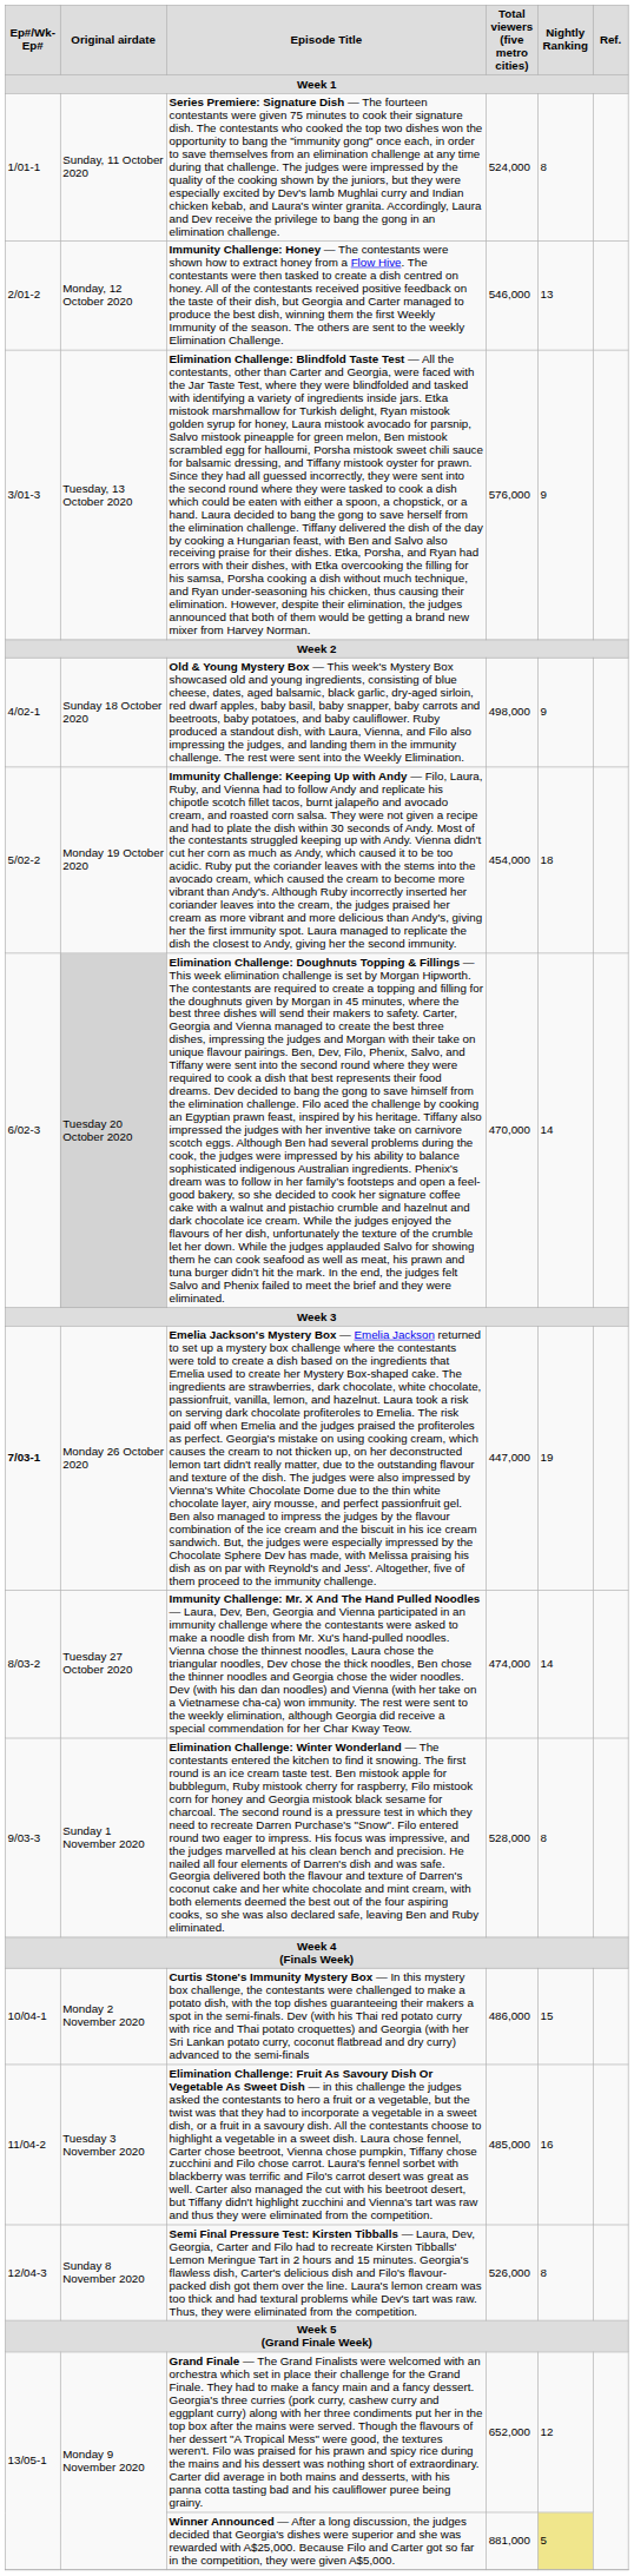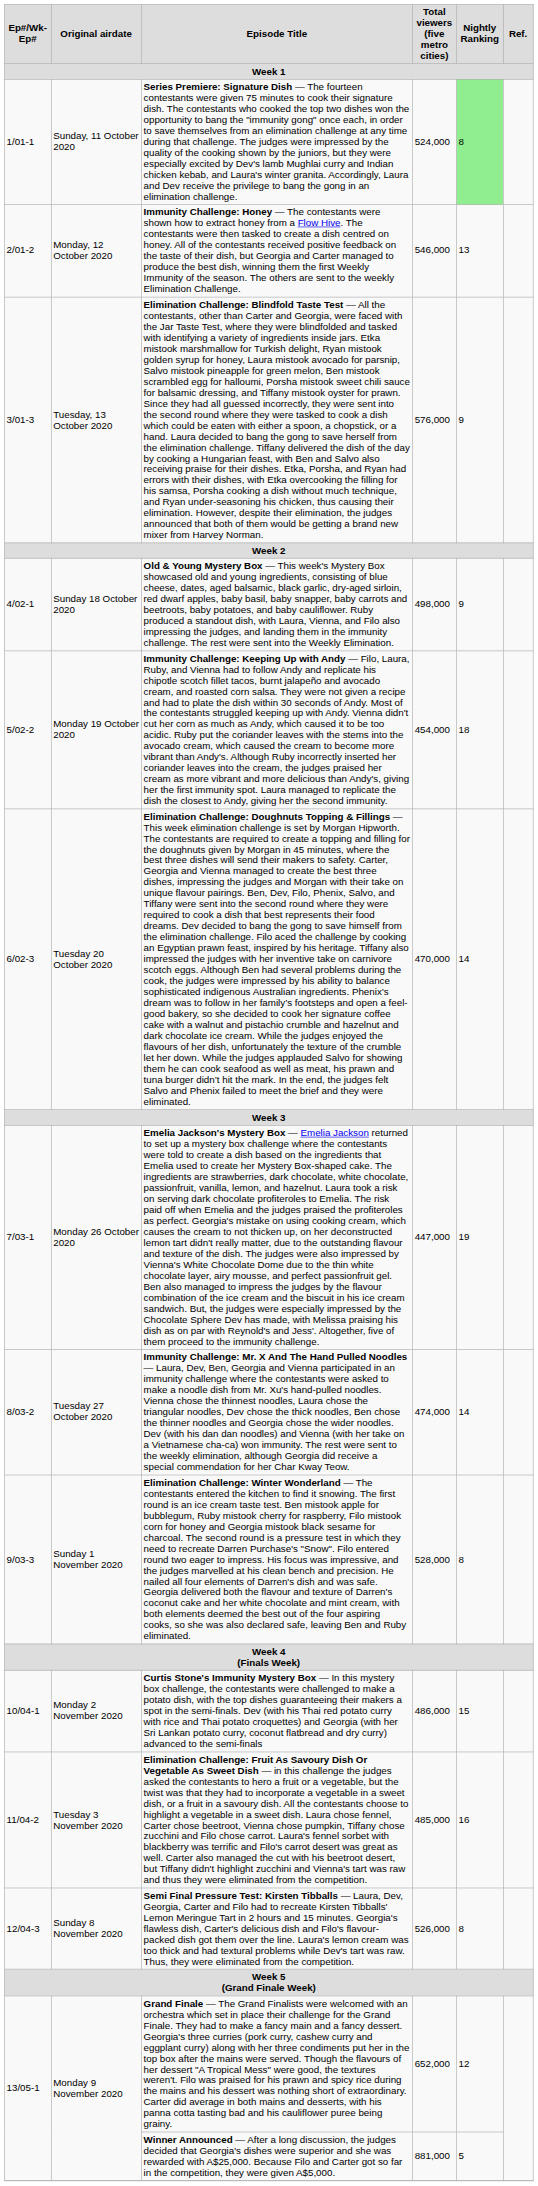 <table class="wikitable">
 <tr>
 <th style="background:#ddd; width:5%;">Ep#/Wk-Ep#</th>
 <th style="background:#ddd; width:15%;">Original airdate</th>
 <th style="background:#ddd; width:45%;">Episode Title</th>
 <th style="background:#ddd; width:5%;">Total viewers (five metro cities)</th>
 <th style="background:#ddd; width:5%;">Nightly Ranking</th>
 <th style="background:#ddd; width:5%;">Ref.</th>
 </tr>
 <tr>
 <th colspan="6" style="background:#ddd;">Week 1</th>
 </tr>
 <tr>
 <td style="width:05%;">1/01-1</td>
 <td>Sunday, 11 October 2020</td>
 <td><strong>Series Premiere: Signature Dish</strong> — The fourteen contestants were given 75 minutes to cook their signature dish. The contestants who cooked the top two dishes won the opportunity to bang the "immunity gong" once each, in order to save themselves from an elimination challenge at any time during that challenge. The judges were impressed by the quality of the cooking shown by the juniors, but they were especially excited by Dev's lamb Mughlai curry and Indian chicken kebab, and Laura's winter granita. Accordingly, Laura and Dev receive the privilege to bang the gong in an elimination challenge.</td>
 <td>524,000</td>
-<td>8</td>
+<td style="background: lightgreen;">8</td>
 <td></td>
 </tr>
 <tr>
 <td style="width:05%;">2/01-2</td>
 <td>Monday, 12 October 2020</td>
 <td><strong>Immunity Challenge: Honey</strong> — The contestants were shown how to extract honey from a <a href='#'>Flow Hive</a>. The contestants were then tasked to create a dish centred on honey. All of the contestants received positive feedback on the taste of their dish, but Georgia and Carter managed to produce the best dish, winning them the first Weekly Immunity of the season. The others are sent to the weekly Elimination Challenge.</td>
 <td>546,000</td>
 <td>13</td>
 <td></td>
 </tr>
 <tr>
 <td style="width:05%;">3/01-3</td>
 <td>Tuesday, 13 October 2020</td>
 <td><strong>Elimination Challenge: Blindfold Taste Test</strong> — All the contestants, other than Carter and Georgia, were faced with the Jar Taste Test, where they were blindfolded and tasked with identifying a variety of ingredients inside jars. Etka mistook marshmallow for Turkish delight, Ryan mistook golden syrup for honey, Laura mistook avocado for parsnip, Salvo mistook pineapple for green melon, Ben mistook scrambled egg for halloumi, Porsha mistook sweet chili sauce for balsamic dressing, and Tiffany mistook oyster for prawn. Since they had all guessed incorrectly, they were sent into the second round where they were tasked to cook a dish which could be eaten with either a spoon, a chopstick, or a hand. Laura decided to bang the gong to save herself from the elimination challenge. Tiffany delivered the dish of the day by cooking a Hungarian feast, with Ben and Salvo also receiving praise for their dishes. Etka, Porsha, and Ryan had errors with their dishes, with Etka overcooking the filling for his samsa, Porsha cooking a dish without much technique, and Ryan under-seasoning his chicken, thus causing their elimination. However, despite their elimination, the judges announced that both of them would be getting a brand new mixer from Harvey Norman.</td>
 <td>576,000</td>
 <td>9</td>
 <td></td>
 </tr>
 <tr>
 <th colspan="6" style="background:#ddd;">Week 2</th>
 </tr>
 <tr>
 <td style="width:05%;">4/02-1</td>
 <td>Sunday 18 October 2020</td>
 <td><strong>Old & Young Mystery Box</strong> — This week's Mystery Box showcased old and young ingredients, consisting of blue cheese, dates, aged balsamic, black garlic, dry-aged sirloin, red dwarf apples, baby basil, baby snapper, baby carrots and beetroots, baby potatoes, and baby cauliflower. Ruby produced a standout dish, with Laura, Vienna, and Filo also impressing the judges, and landing them in the immunity challenge. The rest were sent into the Weekly Elimination.</td>
 <td>498,000</td>
 <td>9</td>
 <td></td>
 </tr>
 <tr>
 <td style="width:05%;">5/02-2</td>
 <td>Monday 19 October 2020</td>
 <td><strong>Immunity Challenge: Keeping Up with Andy</strong> — Filo, Laura, Ruby, and Vienna had to follow Andy and replicate his chipotle scotch fillet tacos, burnt jalapeño and avocado cream, and roasted corn salsa. They were not given a recipe and had to plate the dish within 30 seconds of Andy. Most of the contestants struggled keeping up with Andy. Vienna didn't cut her corn as much as Andy, which caused it to be too acidic. Ruby put the coriander leaves with the stems into the avocado cream, which caused the cream to become more vibrant than Andy's. Although Ruby incorrectly inserted her coriander leaves into the cream, the judges praised her cream as more vibrant and more delicious than Andy's, giving her the first immunity spot. Laura managed to replicate the dish the closest to Andy, giving her the second immunity.</td>
 <td>454,000</td>
 <td>18</td>
 <td></td>
 </tr>
 <tr>
 <td style="width:05%;">6/02-3</td>
-<td style="background: lightgrey;">Tuesday 20 October 2020</td>
+<td>Tuesday 20 October 2020</td>
 <td><strong>Elimination Challenge: Doughnuts Topping & Fillings</strong> — This week elimination challenge is set by Morgan Hipworth. The contestants are required to create a topping and filling for the doughnuts given by Morgan in 45 minutes, where the best three dishes will send their makers to safety. Carter, Georgia and Vienna managed to create the best three dishes, impressing the judges and Morgan with their take on unique flavour pairings. Ben, Dev, Filo, Phenix, Salvo, and Tiffany were sent into the second round where they were required to cook a dish that best represents their food dreams. Dev decided to bang the gong to save himself from the elimination challenge. Filo aced the challenge by cooking an Egyptian prawn feast, inspired by his heritage. Tiffany also impressed the judges with her inventive take on carnivore scotch eggs. Although Ben had several problems during the cook, the judges were impressed by his ability to balance sophisticated indigenous Australian ingredients. Phenix’s dream was to follow in her family’s footsteps and open a feel-good bakery, so she decided to cook her signature coffee cake with a walnut and pistachio crumble and hazelnut and dark chocolate ice cream. While the judges enjoyed the flavours of her dish, unfortunately the texture of the crumble let her down. While the judges applauded Salvo for showing them he can cook seafood as well as meat, his prawn and tuna burger didn’t hit the mark. In the end, the judges felt Salvo and Phenix failed to meet the brief and they were eliminated.</td>
 <td>470,000</td>
 <td>14</td>
 <td></td>
 </tr>
 <tr>
 <th colspan="6" style="background:#ddd;">Week 3</th>
 </tr>
 <tr>
-<td style="width:05%;"><strong>7/03-1</strong></td>
+<td style="width:05%;">7/03-1</td>
 <td>Monday 26 October 2020</td>
 <td><strong>Emelia Jackson's Mystery Box</strong> — <a href='#'>Emelia Jackson</a> returned to set up a mystery box challenge where the contestants were told to create a dish based on the ingredients that Emelia used to create her Mystery Box-shaped cake. The ingredients are strawberries, dark chocolate, white chocolate, passionfruit, vanilla, lemon, and hazelnut. Laura took a risk on serving dark chocolate profiteroles to Emelia. The risk paid off when Emelia and the judges praised the profiteroles as perfect. Georgia's mistake on using cooking cream, which causes the cream to not thicken up, on her deconstructed lemon tart didn't really matter, due to the outstanding flavour and texture of the dish. The judges were also impressed by Vienna's White Chocolate Dome due to the thin white chocolate layer, airy mousse, and perfect passionfruit gel. Ben also managed to impress the judges by the flavour combination of the ice cream and the biscuit in his ice cream sandwich. But, the judges were especially impressed by the Chocolate Sphere Dev has made, with Melissa praising his dish as on par with Reynold's and Jess'. Altogether, five of them proceed to the immunity challenge.</td>
 <td>447,000</td>
 <td>19</td>
 <td></td>
 </tr>
 <tr>
 <td style="width:05%;">8/03-2</td>
 <td>Tuesday 27 October 2020</td>
 <td><strong>Immunity Challenge: Mr. X And The Hand Pulled Noodles</strong> — Laura, Dev, Ben, Georgia and Vienna participated in an immunity challenge where the contestants were asked to make a noodle dish from Mr. Xu's hand-pulled noodles. Vienna chose the thinnest noodles, Laura chose the triangular noodles, Dev chose the thick noodles, Ben chose the thinner noodles and Georgia chose the wider noodles. Dev (with his dan dan noodles) and Vienna (with her take on a Vietnamese cha-ca) won immunity. The rest were sent to the weekly elimination, although Georgia did receive a special commendation for her Char Kway Teow.</td>
 <td>474,000</td>
 <td>14</td>
 <td></td>
 </tr>
 <tr>
 <td style="width:05%;">9/03-3</td>
 <td>Sunday 1 November 2020</td>
 <td><strong>Elimination Challenge: Winter Wonderland</strong> — The contestants entered the kitchen to find it snowing. The first round is an ice cream taste test. Ben mistook apple for bubblegum, Ruby mistook cherry for raspberry, Filo mistook corn for honey and Georgia mistook black sesame for charcoal. The second round is a pressure test in which they need to recreate Darren Purchase's "Snow". Filo entered round two eager to impress. His focus was impressive, and the judges marvelled at his clean bench and precision. He nailed all four elements of Darren's dish and was safe. Georgia delivered both the flavour and texture of Darren's coconut cake and her white chocolate and mint cream, with both elements deemed the best out of the four aspiring cooks, so she was also declared safe, leaving Ben and Ruby eliminated.</td>
 <td>528,000</td>
 <td>8</td>
 <td></td>
 </tr>
 <tr>
 <th colspan="6" style="background:#ddd;">Week 4 <br> (Finals Week)</th>
 </tr>
 <tr>
 <td style="width:05%;">10/04-1</td>
 <td>Monday 2 November 2020</td>
 <td><strong>Curtis Stone's Immunity Mystery Box</strong> — In this mystery box challenge, the contestants were challenged to make a potato dish, with the top dishes guaranteeing their makers a spot in the semi-finals. Dev (with his Thai red potato curry with rice and Thai potato croquettes) and Georgia (with her Sri Lankan potato curry, coconut flatbread and dry curry) advanced to the semi-finals</td>
 <td>486,000</td>
 <td>15</td>
 <td></td>
 </tr>
 <tr>
 <td style="width:05%;">11/04-2</td>
 <td>Tuesday 3 November 2020</td>
 <td><strong>Elimination Challenge: Fruit As Savoury Dish Or Vegetable As Sweet Dish</strong> — in this challenge the judges asked the contestants to hero a fruit or a vegetable, but the twist was that they had to incorporate a vegetable in a sweet dish, or a fruit in a savoury dish. All the contestants choose to highlight a vegetable in a sweet dish. Laura chose fennel, Carter chose beetroot, Vienna chose pumpkin, Tiffany chose zucchini  and Filo chose carrot. Laura's fennel sorbet with blackberry was terrific and Filo's carrot desert was great as well. Carter also managed the cut with his beetroot desert, but Tiffany didn't highlight zucchini and Vienna's tart was raw and thus they were eliminated from the competition.</td>
 <td>485,000</td>
 <td>16</td>
 <td></td>
 </tr>
 <tr>
 <td style="width:05%;">12/04-3</td>
 <td>Sunday 8 November 2020</td>
 <td><strong>Semi Final Pressure Test: Kirsten Tibballs</strong> — Laura, Dev, Georgia, Carter and Filo had to recreate Kirsten Tibballs' Lemon Meringue Tart in 2 hours and 15 minutes. Georgia's flawless dish, Carter's delicious dish and Filo's flavour-packed dish got them over the line. Laura's lemon cream was too thick and had textural problems while Dev's tart was raw. Thus, they were eliminated from the competition.</td>
 <td>526,000</td>
 <td>8</td>
 <td></td>
 </tr>
 <tr>
 <th colspan="6" style="background:#ddd;">Week 5 <br> (Grand Finale Week)</th>
 </tr>
 <tr>
 <td rowspan=2 style="width:05%;">13/05-1</td>
 <td rowspan=2>Monday 9 November 2020</td>
 <td><strong>Grand Finale</strong> — The Grand Finalists were welcomed with an orchestra which set in place their challenge for the Grand Finale. They had to make a fancy main and a fancy dessert. Georgia's three curries (pork curry, cashew curry and eggplant curry) along with her three condiments put her in the top box after the mains were served. Though the flavours of her dessert "A Tropical Mess" were good, the textures weren't. Filo was praised for his prawn and spicy rice during the mains and his dessert was nothing short of extraordinary. Carter did average in both mains and desserts, with his panna cotta tasting bad and his cauliflower puree being grainy.</td>
 <td>652,000</td>
 <td>12</td>
 <td rowspan=2></td>
 </tr>
 <tr>
 <td><strong>Winner Announced</strong> — After a long discussion, the judges decided that Georgia's dishes were superior and she was rewarded with A$25,000. Because Filo and Carter got so far in the competition, they were given A$5,000.</td>
 <td>881,000</td>
-<td style="background: khaki;">5</td>
+<td>5</td>
 </tr>
 <tr>
 </tr>
 </table>
